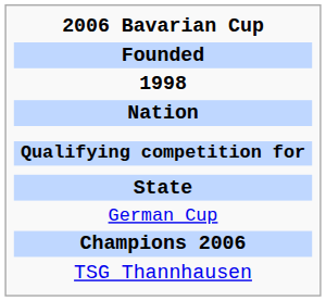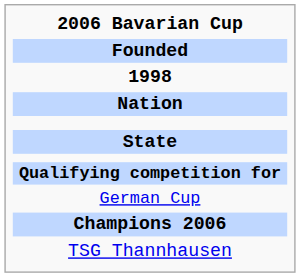 <table class="infobox football" style="width: 16em; text-align: center;">
 <tr>
 <th style="">2006 Bavarian Cup</th>
 </tr>
 <tr>
 <td style="background: #BFD7FF;"><strong>Founded</strong></td>
 </tr>
 <tr>
 <td style=""><strong>1998</strong></td>
 </tr>
 <tr>
 <td style="background: #BFD7FF;"><strong>Nation</strong></td>
 </tr>
 <tr>
 <td style=""></td>
 </tr>
 <tr>
 <td style="line-height: 15px;"></td>
 </tr>
 <tr>
-<td style="font-size: 12px; background: #BFD7FF;"><strong>Qualifying competition for</strong></td>
+<td style="background: #BFD7FF;"><strong>State</strong></td>
 </tr>
 <tr>
 <td style=""></td>
 </tr>
 <tr>
-<td style="background: #BFD7FF;"><strong>State</strong></td>
+<td style="font-size: 12px; background: #BFD7FF;"><strong>Qualifying competition for</strong></td>
 </tr>
 <tr>
 <td style="font-size: 12px;"><a href='#'>German Cup</a></td>
 </tr>
 <tr>
 <td style="background: #BFD7FF;"><strong>Champions 2006</strong></td>
 </tr>
 <tr>
 <td style=""><a href='#'>TSG Thannhausen</a></td>
 </tr>
 <tr>
 </tr>
 </table>
